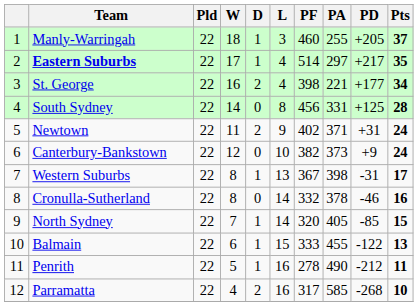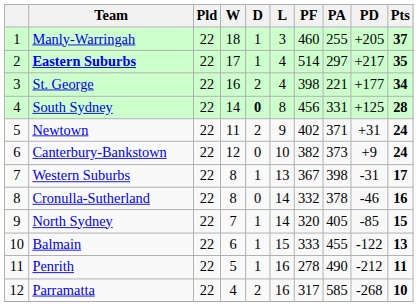 <table class="wikitable" style="text-align:center;">
 <tr>
 <th width=20 abbr="Position×"></th>
 <th width=175>Team</th>
 <th width=20 abbr="Played">Pld</th>
 <th width=20 abbr="Won">W</th>
 <th width=20 abbr="Drawn">D</th>
 <th width=20 abbr="Lost">L</th>
 <th width=20 abbr="Points for">PF</th>
 <th width=20 abbr="Points against">PA</th>
 <th width=20 abbr="Points difference">PD</th>
 <th width=20 abbr="Points">Pts</th>
 </tr>
 <tr style="background: #ccffcc;">
 <td>1</td>
 <td style="text-align:left;"> <a href='#'>Manly-Warringah</a></td>
 <td>22</td>
 <td>18</td>
 <td>1</td>
 <td>3</td>
 <td>460</td>
 <td>255</td>
 <td>+205</td>
 <td><strong>37</strong></td>
 </tr>
 <tr style="background: #ccffcc;">
 <td>2</td>
 <td style="text-align:left;"> <strong><a href='#'>Eastern Suburbs</a></strong></td>
 <td>22</td>
 <td>17</td>
 <td>1</td>
 <td>4</td>
 <td>514</td>
 <td>297</td>
 <td>+217</td>
 <td><strong>35</strong></td>
 </tr>
 <tr style="background: #ccffcc;">
 <td>3</td>
 <td style="text-align:left;"> <a href='#'>St. George</a></td>
 <td>22</td>
 <td>16</td>
 <td>2</td>
 <td>4</td>
 <td>398</td>
 <td>221</td>
 <td>+177</td>
 <td><strong>34</strong></td>
 </tr>
 <tr style="background: #ccffcc;">
 <td>4</td>
 <td style="text-align:left;"> <a href='#'>South Sydney</a></td>
 <td>22</td>
 <td>14</td>
-<td>0</td>
+<td><strong>0</strong></td>
 <td>8</td>
 <td>456</td>
 <td>331</td>
 <td>+125</td>
 <td><strong>28</strong></td>
 </tr>
 <tr>
 <td>5</td>
 <td style="text-align:left;"> <a href='#'>Newtown</a></td>
 <td>22</td>
 <td>11</td>
 <td>2</td>
 <td>9</td>
 <td>402</td>
 <td>371</td>
 <td>+31</td>
 <td><strong>24</strong></td>
 </tr>
 <tr>
 <td>6</td>
 <td style="text-align:left;"> <a href='#'>Canterbury-Bankstown</a></td>
 <td>22</td>
 <td>12</td>
 <td>0</td>
 <td>10</td>
 <td>382</td>
 <td>373</td>
 <td>+9</td>
 <td><strong>24</strong></td>
 </tr>
 <tr>
 <td>7</td>
 <td style="text-align:left;"> <a href='#'>Western Suburbs</a></td>
 <td>22</td>
 <td>8</td>
 <td>1</td>
 <td>13</td>
 <td>367</td>
 <td>398</td>
 <td>-31</td>
 <td><strong>17</strong></td>
 </tr>
 <tr>
 <td>8</td>
 <td style="text-align:left;"> <a href='#'>Cronulla-Sutherland</a></td>
 <td>22</td>
 <td>8</td>
 <td>0</td>
 <td>14</td>
 <td>332</td>
 <td>378</td>
 <td>-46</td>
 <td><strong>16</strong></td>
 </tr>
 <tr>
 <td>9</td>
 <td style="text-align:left;"> <a href='#'>North Sydney</a></td>
 <td>22</td>
 <td>7</td>
 <td>1</td>
 <td>14</td>
 <td>320</td>
 <td>405</td>
 <td>-85</td>
 <td><strong>15</strong></td>
 </tr>
 <tr>
 <td>10</td>
 <td style="text-align:left;"> <a href='#'>Balmain</a></td>
 <td>22</td>
 <td>6</td>
 <td>1</td>
 <td>15</td>
 <td>333</td>
 <td>455</td>
 <td>-122</td>
 <td><strong>13</strong></td>
 </tr>
 <tr>
 <td>11</td>
 <td style="text-align:left;"> <a href='#'>Penrith</a></td>
 <td>22</td>
 <td>5</td>
 <td>1</td>
 <td>16</td>
 <td>278</td>
 <td>490</td>
 <td>-212</td>
 <td><strong>11</strong></td>
 </tr>
 <tr>
 <td>12</td>
 <td style="text-align:left;"> <a href='#'>Parramatta</a></td>
 <td>22</td>
 <td>4</td>
 <td>2</td>
 <td>16</td>
 <td>317</td>
 <td>585</td>
 <td>-268</td>
 <td><strong>10</strong></td>
 </tr>
 <tr>
 </tr>
 </table>
